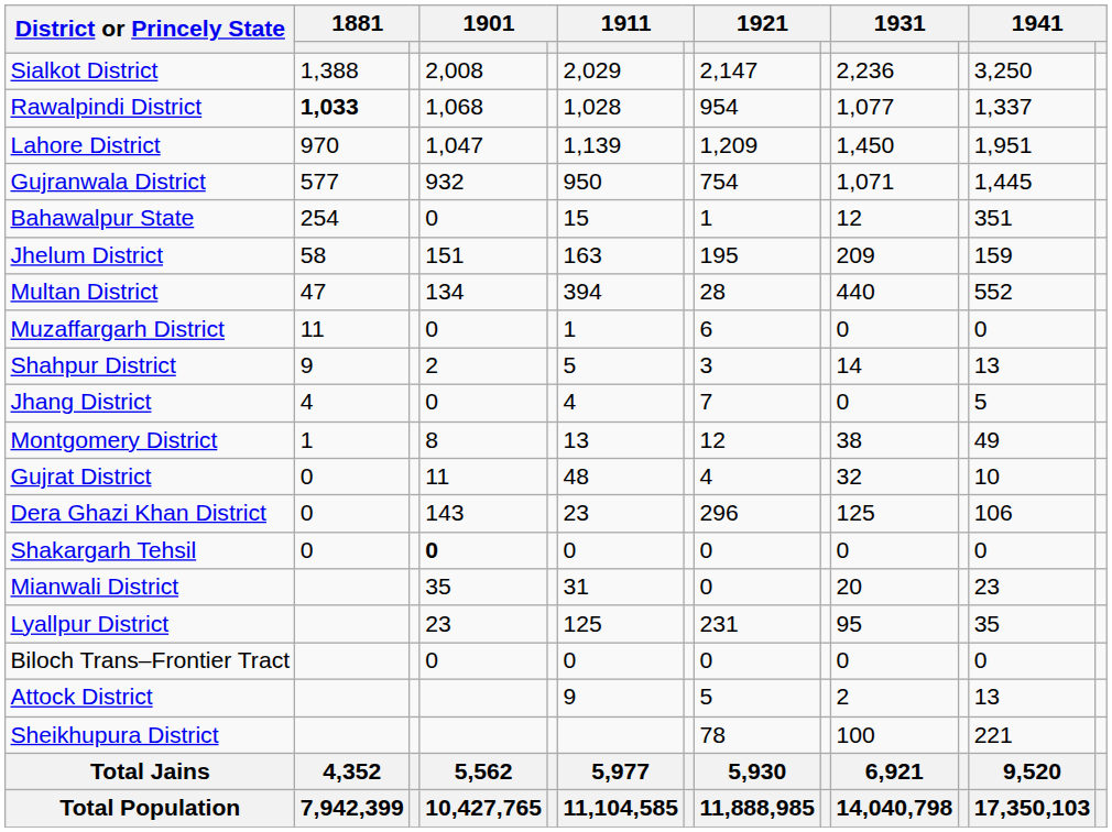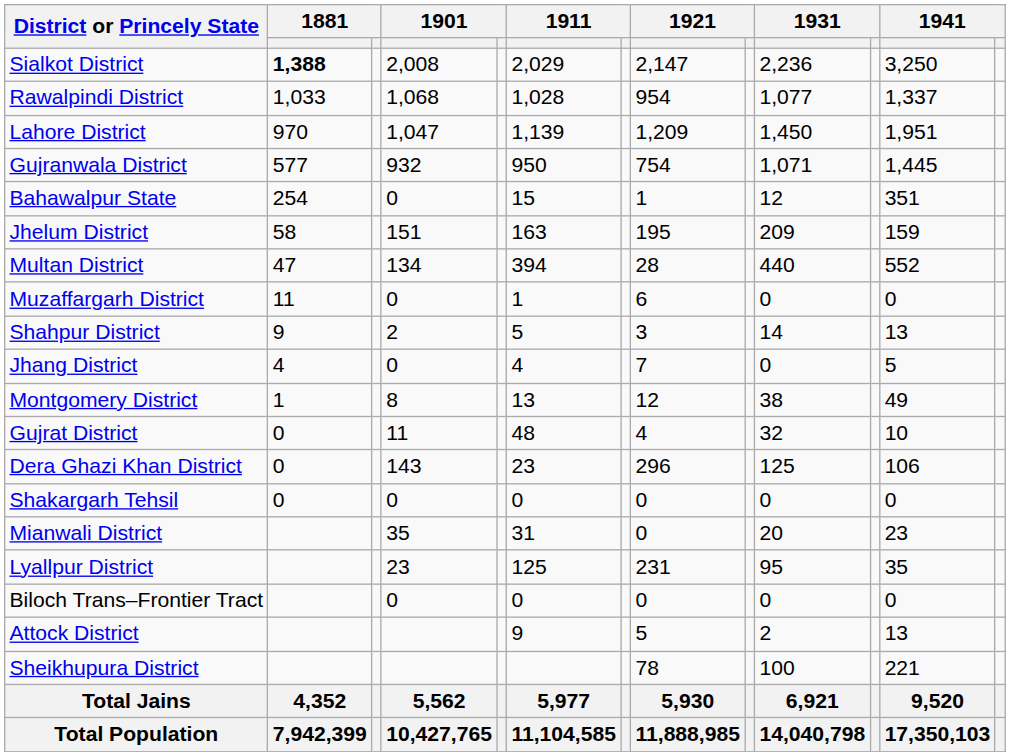 <table class="wikitable sortable">
 <tr>
 <th rowspan="2"><a href='#'>District</a> or <a href='#'>Princely State</a></th>
 <th colspan="2">1881</th>
 <th colspan="2">1901</th>
 <th colspan="2">1911</th>
 <th colspan="2">1921</th>
 <th colspan="2">1931</th>
 <th colspan="2">1941</th>
 </tr>
 <tr>
 <th><a href='#'></a></th>
 <th></th>
 <th></th>
 <th></th>
 <th></th>
 <th></th>
 <th></th>
 <th></th>
 <th></th>
 <th></th>
 <th></th>
 <th></th>
 </tr>
 <tr>
 <td><a href='#'>Sialkot District</a></td>
-<td>1,388</td>
+<td><strong>1,388</strong></td>
 <td></td>
 <td>2,008</td>
 <td></td>
 <td>2,029</td>
 <td></td>
 <td>2,147</td>
 <td></td>
 <td>2,236</td>
 <td></td>
 <td>3,250</td>
 <td></td>
 </tr>
 <tr>
 <td><a href='#'>Rawalpindi District</a></td>
-<td><strong>1,033</strong></td>
+<td>1,033</td>
 <td></td>
 <td>1,068</td>
 <td></td>
 <td>1,028</td>
 <td></td>
 <td>954</td>
 <td></td>
 <td>1,077</td>
 <td></td>
 <td>1,337</td>
 <td></td>
 </tr>
 <tr>
 <td><a href='#'>Lahore District</a></td>
 <td>970</td>
 <td></td>
 <td>1,047</td>
 <td></td>
 <td>1,139</td>
 <td></td>
 <td>1,209</td>
 <td></td>
 <td>1,450</td>
 <td></td>
 <td>1,951</td>
 <td></td>
 </tr>
 <tr>
 <td><a href='#'>Gujranwala District</a></td>
 <td>577</td>
 <td></td>
 <td>932</td>
 <td></td>
 <td>950</td>
 <td></td>
 <td>754</td>
 <td></td>
 <td>1,071</td>
 <td></td>
 <td>1,445</td>
 <td></td>
 </tr>
 <tr>
 <td><a href='#'>Bahawalpur State</a></td>
 <td>254</td>
 <td></td>
 <td>0</td>
 <td></td>
 <td>15</td>
 <td></td>
 <td>1</td>
 <td></td>
 <td>12</td>
 <td></td>
 <td>351</td>
 <td></td>
 </tr>
 <tr>
 <td><a href='#'>Jhelum District</a></td>
 <td>58</td>
 <td></td>
 <td>151</td>
 <td></td>
 <td>163</td>
 <td></td>
 <td>195</td>
 <td></td>
 <td>209</td>
 <td></td>
 <td>159</td>
 <td></td>
 </tr>
 <tr>
 <td><a href='#'>Multan District</a></td>
 <td>47</td>
 <td></td>
 <td>134</td>
 <td></td>
 <td>394</td>
 <td></td>
 <td>28</td>
 <td></td>
 <td>440</td>
 <td></td>
 <td>552</td>
 <td></td>
 </tr>
 <tr>
 <td><a href='#'>Muzaffargarh District</a></td>
 <td>11</td>
 <td></td>
 <td>0</td>
 <td></td>
 <td>1</td>
 <td></td>
 <td>6</td>
 <td></td>
 <td>0</td>
 <td></td>
 <td>0</td>
 <td></td>
 </tr>
 <tr>
 <td><a href='#'>Shahpur District</a></td>
 <td>9</td>
 <td></td>
 <td>2</td>
 <td></td>
 <td>5</td>
 <td></td>
 <td>3</td>
 <td></td>
 <td>14</td>
 <td></td>
 <td>13</td>
 <td></td>
 </tr>
 <tr>
 <td><a href='#'>Jhang District</a></td>
 <td>4</td>
 <td></td>
 <td>0</td>
 <td></td>
 <td>4</td>
 <td></td>
 <td>7</td>
 <td></td>
 <td>0</td>
 <td></td>
 <td>5</td>
 <td></td>
 </tr>
 <tr>
 <td><a href='#'>Montgomery District</a></td>
 <td>1</td>
 <td></td>
 <td>8</td>
 <td></td>
 <td>13</td>
 <td></td>
 <td>12</td>
 <td></td>
 <td>38</td>
 <td></td>
 <td>49</td>
 <td></td>
 </tr>
 <tr>
 <td><a href='#'>Gujrat District</a></td>
 <td>0</td>
 <td></td>
 <td>11</td>
 <td></td>
 <td>48</td>
 <td></td>
 <td>4</td>
 <td></td>
 <td>32</td>
 <td></td>
 <td>10</td>
 <td></td>
 </tr>
 <tr>
 <td><a href='#'>Dera Ghazi Khan District</a></td>
 <td>0</td>
 <td></td>
 <td>143</td>
 <td></td>
 <td>23</td>
 <td></td>
 <td>296</td>
 <td></td>
 <td>125</td>
 <td></td>
 <td>106</td>
 <td></td>
 </tr>
 <tr>
 <td><a href='#'>Shakargarh Tehsil</a></td>
 <td>0</td>
 <td></td>
-<td><strong>0</strong></td>
+<td>0</td>
 <td></td>
 <td>0</td>
 <td></td>
 <td>0</td>
 <td></td>
 <td>0</td>
 <td></td>
 <td>0</td>
 <td></td>
 </tr>
 <tr>
 <td><a href='#'>Mianwali District</a></td>
 <td></td>
 <td></td>
 <td>35</td>
 <td></td>
 <td>31</td>
 <td></td>
 <td>0</td>
 <td></td>
 <td>20</td>
 <td></td>
 <td>23</td>
 <td></td>
 </tr>
 <tr>
 <td><a href='#'>Lyallpur District</a></td>
 <td></td>
 <td></td>
 <td>23</td>
 <td></td>
 <td>125</td>
 <td></td>
 <td>231</td>
 <td></td>
 <td>95</td>
 <td></td>
 <td>35</td>
 <td></td>
 </tr>
 <tr>
 <td>Biloch Trans–Frontier Tract</td>
 <td></td>
 <td></td>
 <td>0</td>
 <td></td>
 <td>0</td>
 <td></td>
 <td>0</td>
 <td></td>
 <td>0</td>
 <td></td>
 <td>0</td>
 <td></td>
 </tr>
 <tr>
 <td><a href='#'>Attock District</a></td>
 <td></td>
 <td></td>
 <td></td>
 <td></td>
 <td>9</td>
 <td></td>
 <td>5</td>
 <td></td>
 <td>2</td>
 <td></td>
 <td>13</td>
 <td></td>
 </tr>
 <tr>
 <td><a href='#'>Sheikhupura District</a></td>
 <td></td>
 <td></td>
 <td></td>
 <td></td>
 <td></td>
 <td></td>
 <td>78</td>
 <td></td>
 <td>100</td>
 <td></td>
 <td>221</td>
 <td></td>
 </tr>
 <tr>
 <th>Total Jains</th>
 <th>4,352</th>
 <th></th>
 <th>5,562</th>
 <th></th>
 <th>5,977</th>
 <th></th>
 <th>5,930</th>
 <th></th>
 <th>6,921</th>
 <th></th>
 <th>9,520</th>
 <th></th>
 </tr>
 <tr>
 <th>Total Population</th>
 <th>7,942,399</th>
 <th></th>
 <th>10,427,765</th>
 <th></th>
 <th>11,104,585</th>
 <th></th>
 <th>11,888,985</th>
 <th></th>
 <th>14,040,798</th>
 <th></th>
 <th>17,350,103</th>
 <th></th>
 </tr>
 </table>
